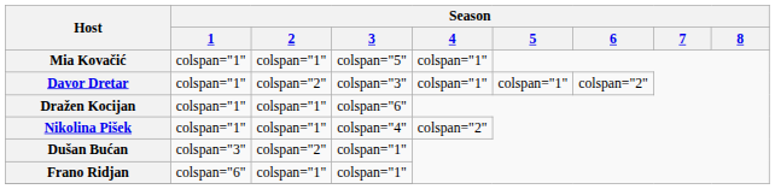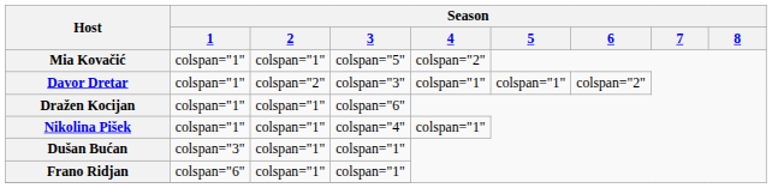 <table class="wikitable plainrowheaders" style="text-align:center">
 <tr>
 <th rowspan="2" style="width:20%;" scope="col">Host</th>
 <th colspan="8">Season</th>
 </tr>
 <tr>
 <th style="width:7%;" scope="colspan"><a href='#'>1</a></th>
 <th style="width:7%;" scope="colspan"><a href='#'>2</a></th>
 <th style="width:7%;" scope="colspan"><a href='#'>3</a></th>
 <th style="width:7%;" scope="colspan"><a href='#'>4</a></th>
 <th style="width:7%;" scope="colspan"><a href='#'>5</a></th>
 <th style="width:7%;" scope="colspan"><a href='#'>6</a></th>
 <th style="width:7%;" scope="colspan"><a href='#'>7</a></th>
 <th style="width:7%;" scope="colspan"><a href='#'>8</a></th>
 </tr>
 <tr>
 <th scope="row" style="text-align: center;">Mia Kovačić</th>
 <td>colspan="1" </td>
 <td>colspan="1" </td>
 <td>colspan="5" </td>
-<td>colspan="1" </td>
+<td>colspan="2" </td>
 </tr>
 <tr>
 <th scope="row" style="text-align: center;"><a href='#'>Davor Dretar</a></th>
 <td>colspan="1" </td>
 <td>colspan="2" </td>
 <td>colspan="3" </td>
 <td>colspan="1" </td>
 <td>colspan="1" </td>
 <td>colspan="2" </td>
 </tr>
 <tr>
 <th scope="row" style="text-align: center;">Dražen Kocijan</th>
 <td>colspan="1" </td>
 <td>colspan="1" </td>
 <td>colspan="6" </td>
 </tr>
 <tr>
 <th scope="row" style="text-align: center;"><a href='#'>Nikolina Pišek</a></th>
 <td>colspan="1" </td>
 <td>colspan="1" </td>
 <td>colspan="4" </td>
-<td>colspan="2" </td>
+<td>colspan="1" </td>
 </tr>
 <tr>
 <th scope="row" style="text-align: center;">Dušan Bućan</th>
 <td>colspan="3" </td>
-<td>colspan="2" </td>
+<td>colspan="1" </td>
 <td>colspan="1" </td>
 </tr>
 <tr>
 <th scope="row" style="text-align: center;">Frano Ridjan</th>
 <td>colspan="6" </td>
 <td>colspan="1" </td>
 <td>colspan="1" </td>
 </tr>
 <tr>
 </tr>
 </table>
